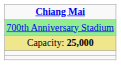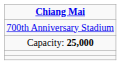 <table class="wikitable" style="text-align:center">
 <tr>
 <td><strong><a href='#'>Chiang Mai</a></strong></td>
 </tr>
 <tr>
-<td style="background: lightgreen;"><a href='#'>700th Anniversary Stadium</a></td>
+<td><a href='#'>700th Anniversary Stadium</a></td>
 </tr>
 <tr>
-<td style="background: khaki;">Capacity: <strong>25,000</strong></td>
+<td>Capacity: <strong>25,000</strong></td>
 </tr>
 <tr>
 <td></td>
 </tr>
 <tr>
 <td rowspan=2 colspan=3></td>
 </tr>
 </table>
